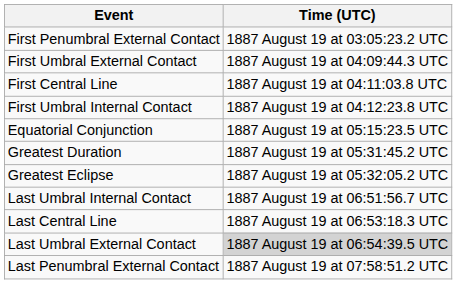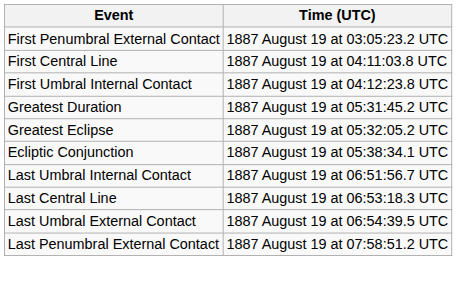 <table class="wikitable">
 <tr>
 <th>Event</th>
 <th>Time (UTC)</th>
 </tr>
 <tr>
 <td>First Penumbral External Contact</td>
 <td>1887 August 19 at 03:05:23.2 UTC</td>
 </tr>
 <tr>
-<td>First Umbral External Contact</td>
-<td>1887 August 19 at 04:09:44.3 UTC</td>
-</tr>
-<tr>
 <td>First Central Line</td>
 <td>1887 August 19 at 04:11:03.8 UTC</td>
 </tr>
 <tr>
 <td>First Umbral Internal Contact</td>
 <td>1887 August 19 at 04:12:23.8 UTC</td>
 </tr>
 <tr>
-<td>Equatorial Conjunction</td>
-<td>1887 August 19 at 05:15:23.5 UTC</td>
-</tr>
-<tr>
 <td>Greatest Duration</td>
 <td>1887 August 19 at 05:31:45.2 UTC</td>
 </tr>
 <tr>
 <td>Greatest Eclipse</td>
 <td>1887 August 19 at 05:32:05.2 UTC</td>
+</tr>
+<tr>
+<td>Ecliptic Conjunction</td>
+<td>1887 August 19 at 05:38:34.1 UTC</td>
 </tr>
 <tr>
 <td>Last Umbral Internal Contact</td>
 <td>1887 August 19 at 06:51:56.7 UTC</td>
 </tr>
 <tr>
 <td>Last Central Line</td>
 <td>1887 August 19 at 06:53:18.3 UTC</td>
 </tr>
 <tr>
 <td>Last Umbral External Contact</td>
-<td style="background: lightgrey;">1887 August 19 at 06:54:39.5 UTC</td>
+<td>1887 August 19 at 06:54:39.5 UTC</td>
 </tr>
 <tr>
 <td>Last Penumbral External Contact</td>
 <td>1887 August 19 at 07:58:51.2 UTC</td>
 </tr>
 </table>
